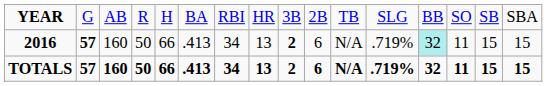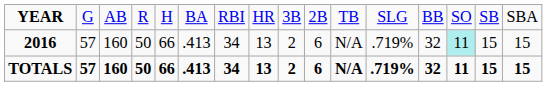 <table class="wikitable">
 <tr align=center>
 <td><strong>YEAR</strong></td>
 <td><a href='#'>G</a></td>
 <td><a href='#'>AB</a></td>
 <td><a href='#'>R</a></td>
 <td><a href='#'>H</a></td>
 <td><a href='#'>BA</a></td>
 <td><a href='#'>RBI</a></td>
 <td><a href='#'>HR</a></td>
 <td><a href='#'>3B</a></td>
 <td><a href='#'>2B</a></td>
 <td><a href='#'>TB</a></td>
 <td><a href='#'>SLG</a></td>
 <td><a href='#'>BB</a></td>
 <td><a href='#'>SO</a></td>
 <td><a href='#'>SB</a></td>
 <td>SBA</td>
 </tr>
 <tr align=center>
 <td><strong>2016</strong></td>
-<td><strong>57</strong></td>
+<td>57</td>
 <td>160</td>
 <td>50</td>
 <td>66</td>
 <td>.413</td>
 <td>34</td>
 <td>13</td>
-<td><strong>2</strong></td>
+<td>2</td>
 <td>6</td>
 <td>N/A</td>
 <td>.719%</td>
-<td style="background: paleturquoise;">32</td>
-<td>11</td>
+<td>32</td>
+<td style="background: paleturquoise;">11</td>
 <td>15</td>
 <td>15</td>
 </tr>
 <tr align=center>
 <td><strong>TOTALS</strong></td>
 <td><strong>57</strong></td>
 <td><strong>160</strong></td>
 <td><strong>50</strong></td>
 <td><strong>66</strong></td>
 <td><strong>.413</strong></td>
 <td><strong>34</strong></td>
 <td><strong>13</strong></td>
 <td><strong>2</strong></td>
 <td><strong>6</strong></td>
 <td><strong>N/A</strong></td>
 <td><strong>.719%</strong></td>
 <td><strong>32</strong></td>
 <td><strong>11</strong></td>
 <td><strong>15</strong></td>
 <td><strong>15</strong></td>
 </tr>
 </table>
